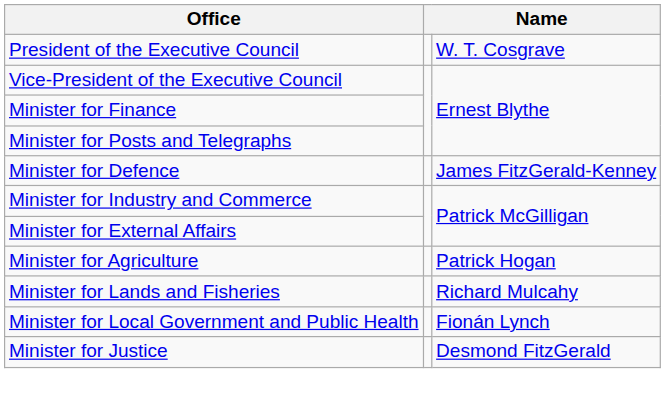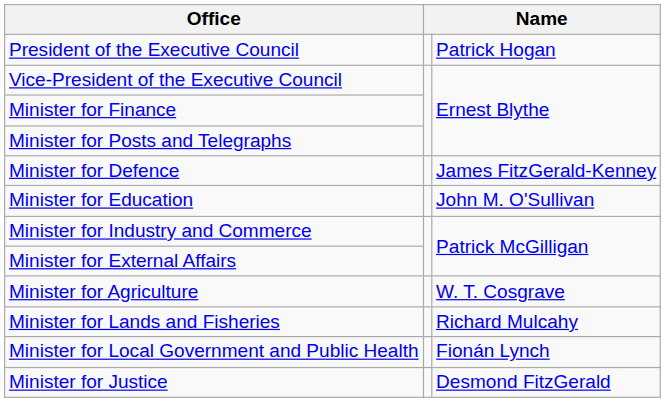 <table class="wikitable">
 <tr>
 <th>Office</th>
 <th colspan="2">Name</th>
 </tr>
 <tr>
 <td><a href='#'>President of the Executive Council</a></td>
 <td style="background-color: "></td>
-<td><a href='#'>W. T. Cosgrave</a></td>
+<td><a href='#'>Patrick Hogan</a></td>
 </tr>
 <tr>
 <td><a href='#'>Vice-President of the Executive Council</a></td>
 <td rowspan=3 style="background-color: "></td>
 <td rowspan=3><a href='#'>Ernest Blythe</a></td>
 </tr>
 <tr>
 <td><a href='#'>Minister for Finance</a></td>
 </tr>
 <tr>
 <td><a href='#'>Minister for Posts and Telegraphs</a></td>
 </tr>
 <tr>
 <td><a href='#'>Minister for Defence</a></td>
 <td style="background-color: "></td>
 <td><a href='#'>James FitzGerald-Kenney</a></td>
 </tr>
 <tr>
+<td><a href='#'>Minister for Education</a></td>
+<td style="background-color: "></td>
+<td><a href='#'>John M. O'Sullivan</a></td>
+</tr>
+<tr>
 <td><a href='#'>Minister for Industry and Commerce</a></td>
 <td rowspan=2 style="background-color: "></td>
 <td rowspan=2><a href='#'>Patrick McGilligan</a></td>
 </tr>
 <tr>
 <td><a href='#'>Minister for External Affairs</a></td>
 </tr>
 <tr>
 <td><a href='#'>Minister for Agriculture</a></td>
 <td style="background-color: "></td>
-<td><a href='#'>Patrick Hogan</a></td>
+<td><a href='#'>W. T. Cosgrave</a></td>
 </tr>
 <tr>
 <td><a href='#'>Minister for Lands and Fisheries</a></td>
 <td style="background-color: "></td>
 <td><a href='#'>Richard Mulcahy</a></td>
 </tr>
 <tr>
 <td><a href='#'>Minister for Local Government and Public Health</a></td>
 <td style="background-color: "></td>
 <td><a href='#'>Fionán Lynch</a></td>
 </tr>
 <tr>
 <td><a href='#'>Minister for Justice</a></td>
 <td style="background-color: "></td>
 <td><a href='#'>Desmond FitzGerald</a></td>
 </tr>
 </table>
